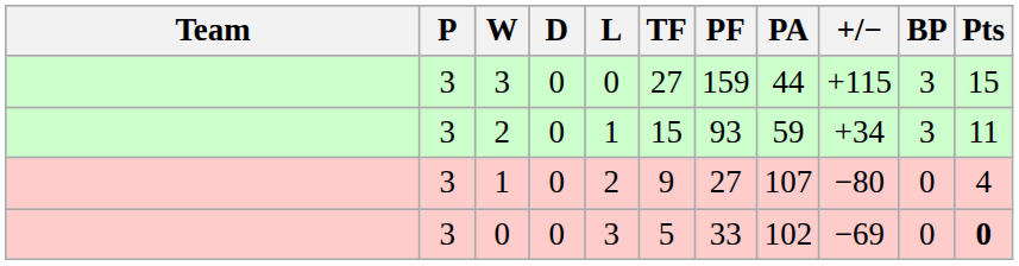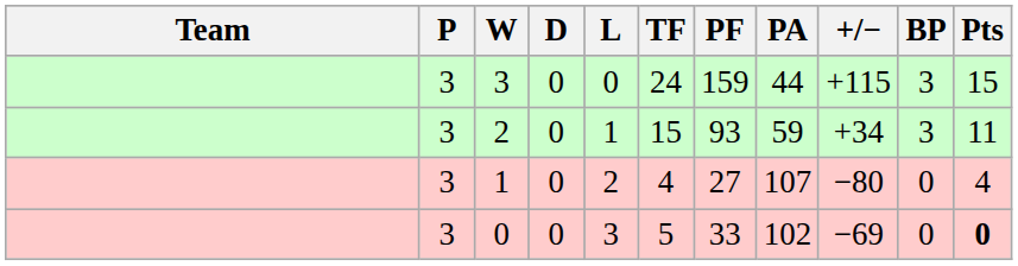 <table class="wikitable" style="text-align:center">
 <tr>
 <th width="200">Team</th>
 <th width="20">P</th>
 <th width="20">W</th>
 <th width="20">D</th>
 <th width="20">L</th>
 <th width="20">TF</th>
 <th width="20">PF</th>
 <th width="20">PA</th>
 <th width="25">+/−</th>
 <th width="20">BP</th>
 <th width="20">Pts</th>
 </tr>
 <tr style="background:#cfc;">
 <td align="left"></td>
 <td>3</td>
 <td>3</td>
 <td>0</td>
 <td>0</td>
-<td>27</td>
+<td>24</td>
 <td>159</td>
 <td>44</td>
 <td>+115</td>
 <td>3</td>
 <td>15</td>
 </tr>
 <tr style="background:#cfc;">
 <td align="left"></td>
 <td>3</td>
 <td>2</td>
 <td>0</td>
 <td>1</td>
 <td>15</td>
 <td>93</td>
 <td>59</td>
 <td>+34</td>
 <td>3</td>
 <td>11</td>
 </tr>
 <tr style="background:#fcc;">
 <td align="left"></td>
 <td>3</td>
 <td>1</td>
 <td>0</td>
 <td>2</td>
-<td>9</td>
+<td>4</td>
 <td>27</td>
 <td>107</td>
 <td>−80</td>
 <td>0</td>
 <td>4</td>
 </tr>
 <tr style="background:#fcc;">
 <td align="left"></td>
 <td>3</td>
 <td>0</td>
 <td>0</td>
 <td>3</td>
 <td>5</td>
 <td>33</td>
 <td>102</td>
 <td>−69</td>
 <td>0</td>
 <td><strong>0</strong></td>
 </tr>
 </table>
